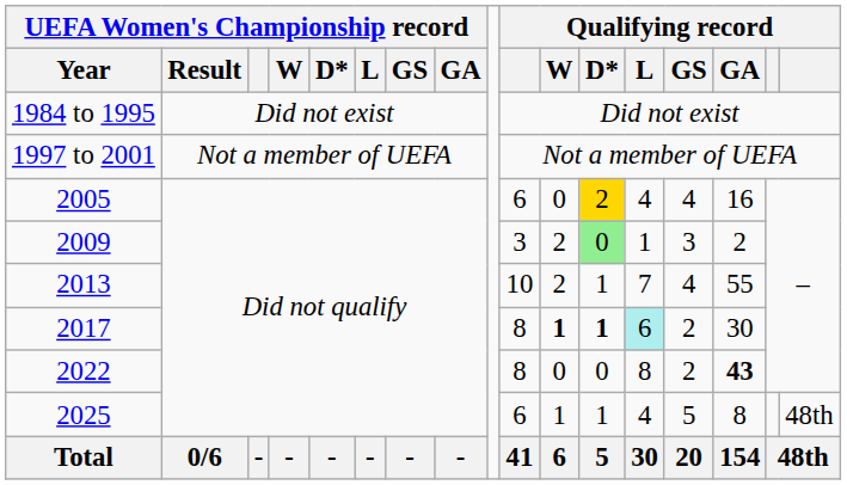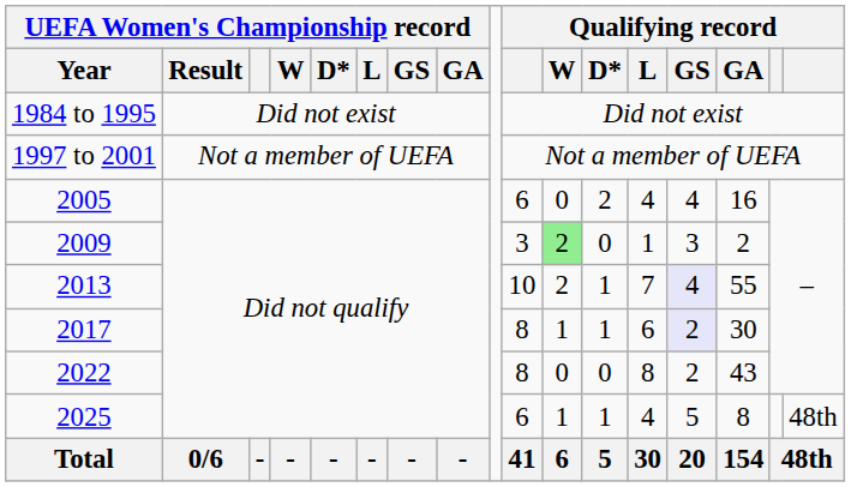 <table class="wikitable" style="text-align: center;">
 <tr>
 <th colspan=8><a href='#'>UEFA Women's Championship</a> record</th>
 <td rowspan=100></td>
 <th colspan=8>Qualifying record</th>
 </tr>
 <tr>
 <th>Year</th>
 <th>Result</th>
 <th></th>
 <th>W</th>
 <th>D*</th>
 <th>L</th>
 <th>GS</th>
 <th>GA<br></th>
 <th></th>
 <th>W</th>
 <th>D*</th>
 <th>L</th>
 <th>GS</th>
 <th>GA</th>
 <th></th>
 <th></th>
 </tr>
 <tr>
 <td><a href='#'>1984</a> to <a href='#'>1995</a></td>
 <td colspan=7><em>Did not exist</em></td>
 <td colspan=8><em>Did not exist</em></td>
 </tr>
 <tr>
 <td> <a href='#'>1997</a> to  <a href='#'>2001</a></td>
 <td colspan=7><em>Not a member of UEFA</em></td>
 <td colspan=8><em>Not a member of UEFA</em></td>
 </tr>
 <tr>
 <td> <a href='#'>2005</a></td>
 <td colspan=7 rowspan=6><em>Did not qualify</em></td>
 <td>6</td>
 <td>0</td>
-<td style="background: gold;">2</td>
+<td>2</td>
 <td>4</td>
 <td>4</td>
 <td>16</td>
 <td colspan=2 rowspan=5>–</td>
 </tr>
 <tr>
 <td> <a href='#'>2009</a></td>
 <td>3</td>
-<td>2</td>
-<td style="background: lightgreen;">0</td>
+<td style="background: lightgreen;">2</td>
+<td>0</td>
 <td>1</td>
 <td>3</td>
 <td>2</td>
 </tr>
 <tr>
 <td> <a href='#'>2013</a></td>
 <td>10</td>
 <td>2</td>
 <td>1</td>
 <td>7</td>
-<td>4</td>
+<td style="background: lavender;">4</td>
 <td>55</td>
 </tr>
 <tr>
 <td> <a href='#'>2017</a></td>
 <td>8</td>
-<td><strong>1</strong></td>
-<td><strong>1</strong></td>
-<td style="background: paleturquoise;">6</td>
-<td>2</td>
+<td>1</td>
+<td>1</td>
+<td>6</td>
+<td style="background: lavender;">2</td>
 <td>30</td>
 </tr>
 <tr>
 <td> <a href='#'>2022</a></td>
 <td>8</td>
 <td>0</td>
 <td>0</td>
 <td>8</td>
 <td>2</td>
-<td><strong>43</strong></td>
+<td>43</td>
 </tr>
 <tr>
 <td> <a href='#'>2025</a></td>
 <td>6</td>
 <td>1</td>
 <td>1</td>
 <td>4</td>
 <td>5</td>
 <td>8</td>
 <td></td>
 <td>48th</td>
 </tr>
 <tr>
 <th>Total</th>
 <th>0/6</th>
 <th>-</th>
 <th>-</th>
 <th>-</th>
 <th>-</th>
 <th>-</th>
 <th>-</th>
 <th>41</th>
 <th>6</th>
 <th>5</th>
 <th>30</th>
 <th>20</th>
 <th>154</th>
 <th colspan=2>48th</th>
 </tr>
 </table>
